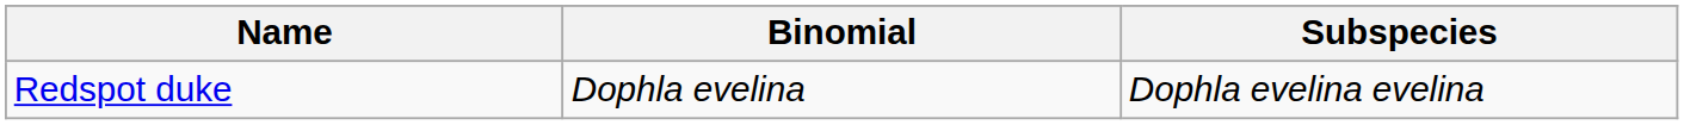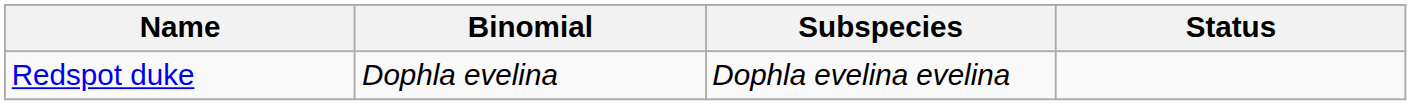 <table width=60% class="wikitable">
 <tr>
 <th width=20%>Name</th>
 <th width=20%>Binomial</th>
 <th width=20%>Subspecies</th>
+<th width=20%>Status</th>
 </tr>
 <tr>
 <td><a href='#'>Redspot duke</a><br> </td>
 <td><em>Dophla evelina</em></td>
 <td><em>Dophla evelina evelina</em></td>
+<td></td>
 </tr>
 </table>
